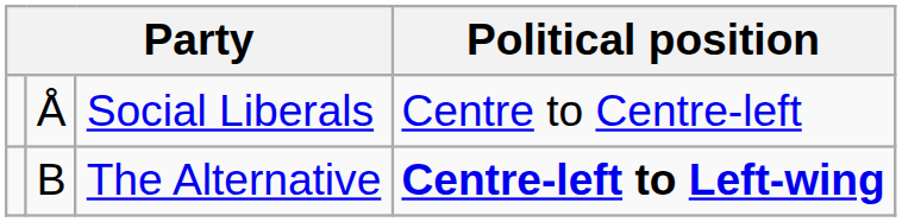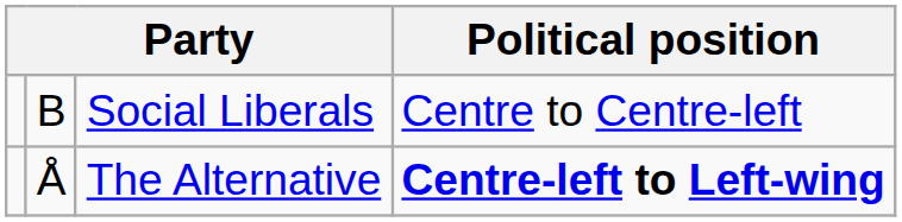 <table class="wikitable">
 <tr>
 <th colspan="3">Party</th>
 <th>Political position</th>
 </tr>
 <tr>
 <td></td>
-<td>Å</td>
+<td>B</td>
 <td><a href='#'>Social Liberals</a></td>
 <td><a href='#'>Centre</a> to <a href='#'>Centre-left</a></td>
 </tr>
 <tr>
 <td></td>
-<td>B</td>
+<td>Å</td>
 <td><a href='#'>The Alternative</a></td>
 <td><strong><a href='#'>Centre-left</a> to <a href='#'>Left-wing</a></strong></td>
 </tr>
 </table>
